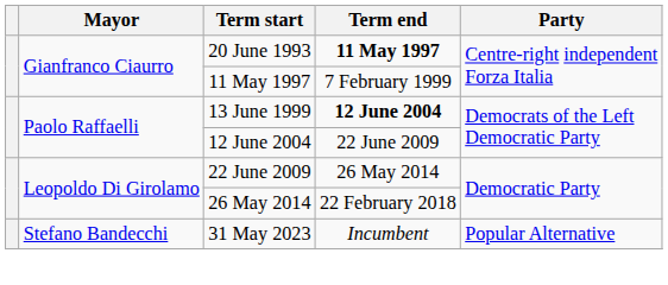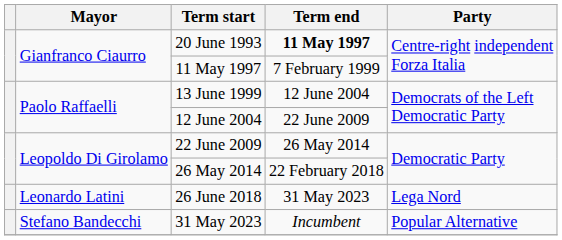 <table class="wikitable">
 <tr>
 <th class=unsortable> </th>
 <th>Mayor</th>
 <th>Term start</th>
 <th>Term end</th>
 <th>Party</th>
 </tr>
 <tr>
 <th rowspan=2 style="background:"></th>
 <td rowspan=2><a href='#'>Gianfranco Ciaurro</a></td>
 <td align=center>20 June 1993</td>
 <td align=center><strong>11 May 1997</strong></td>
 <td rowspan=2><a href='#'>Centre-right</a> <a href='#'>independent</a><br><a href='#'>Forza Italia</a></td>
 </tr>
 <tr>
 <td align=center>11 May 1997</td>
 <td align=center>7 February 1999</td>
 </tr>
 <tr>
 <th rowspan=2 style="background:"></th>
 <td rowspan=2><a href='#'>Paolo Raffaelli</a></td>
 <td align=center>13 June 1999</td>
-<td align=center><strong>12 June 2004</strong></td>
+<td align=center>12 June 2004</td>
 <td rowspan=2><a href='#'>Democrats of the Left</a><br><a href='#'>Democratic Party</a></td>
 </tr>
 <tr>
 <td align=center>12 June 2004</td>
 <td align=center>22 June 2009</td>
 </tr>
 <tr>
 <th rowspan=2 style="background:"></th>
 <td rowspan=2><a href='#'>Leopoldo Di Girolamo</a></td>
 <td align=center>22 June 2009</td>
 <td align=center>26 May 2014</td>
 <td rowspan=2><a href='#'>Democratic Party</a></td>
 </tr>
 <tr>
 <td align=center>26 May 2014</td>
 <td align=center>22 February 2018</td>
 </tr>
 <tr>
 <th style="background:"></th>
+<td><a href='#'>Leonardo Latini</a></td>
+<td align=center>26 June 2018</td>
+<td align=center>31 May 2023</td>
+<td><a href='#'>Lega Nord</a></td>
+</tr>
+<tr>
+<th style="background:"></th>
 <td><a href='#'>Stefano Bandecchi</a></td>
 <td align=center>31 May 2023</td>
 <td align=center><em>Incumbent</em></td>
 <td><a href='#'>Popular Alternative</a></td>
 </tr>
 <tr>
 </tr>
 </table>
